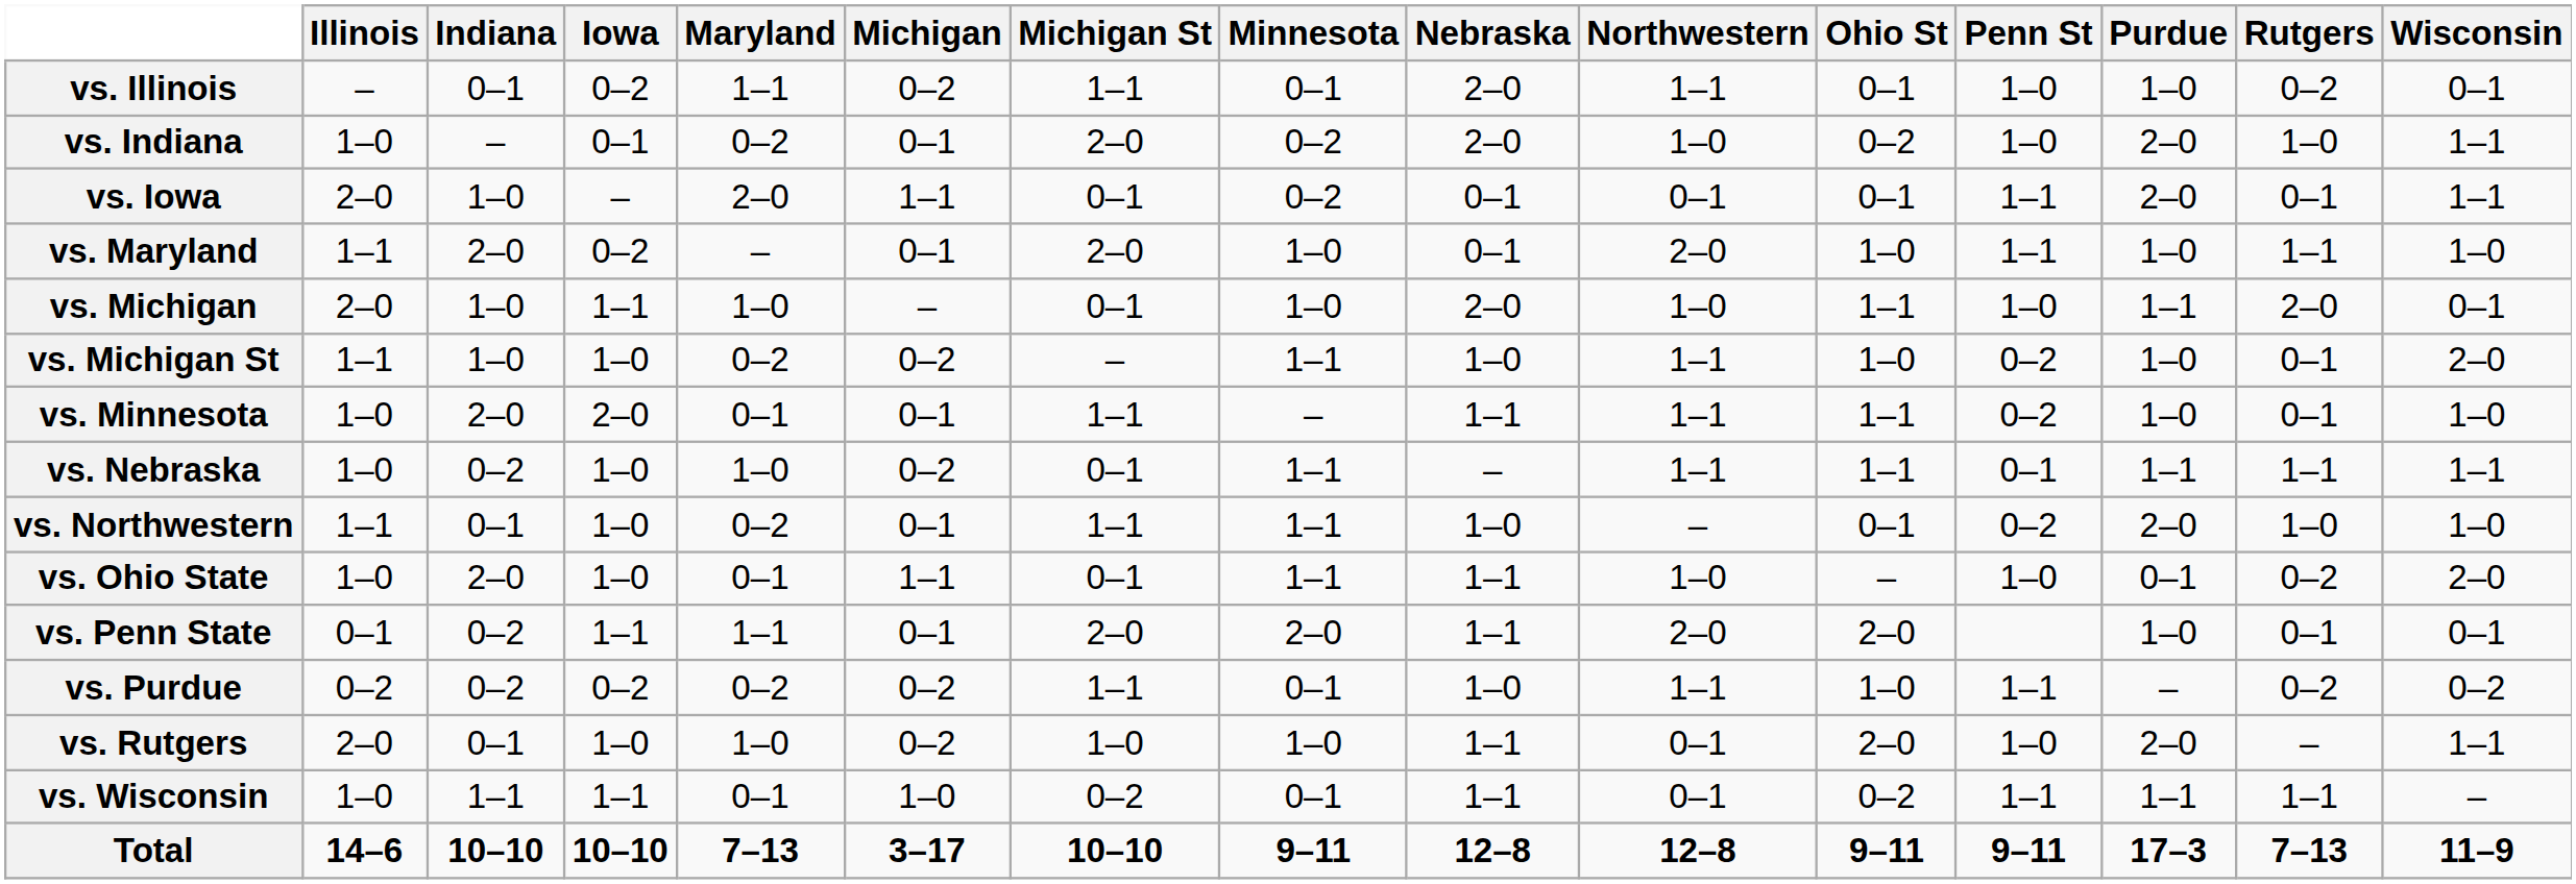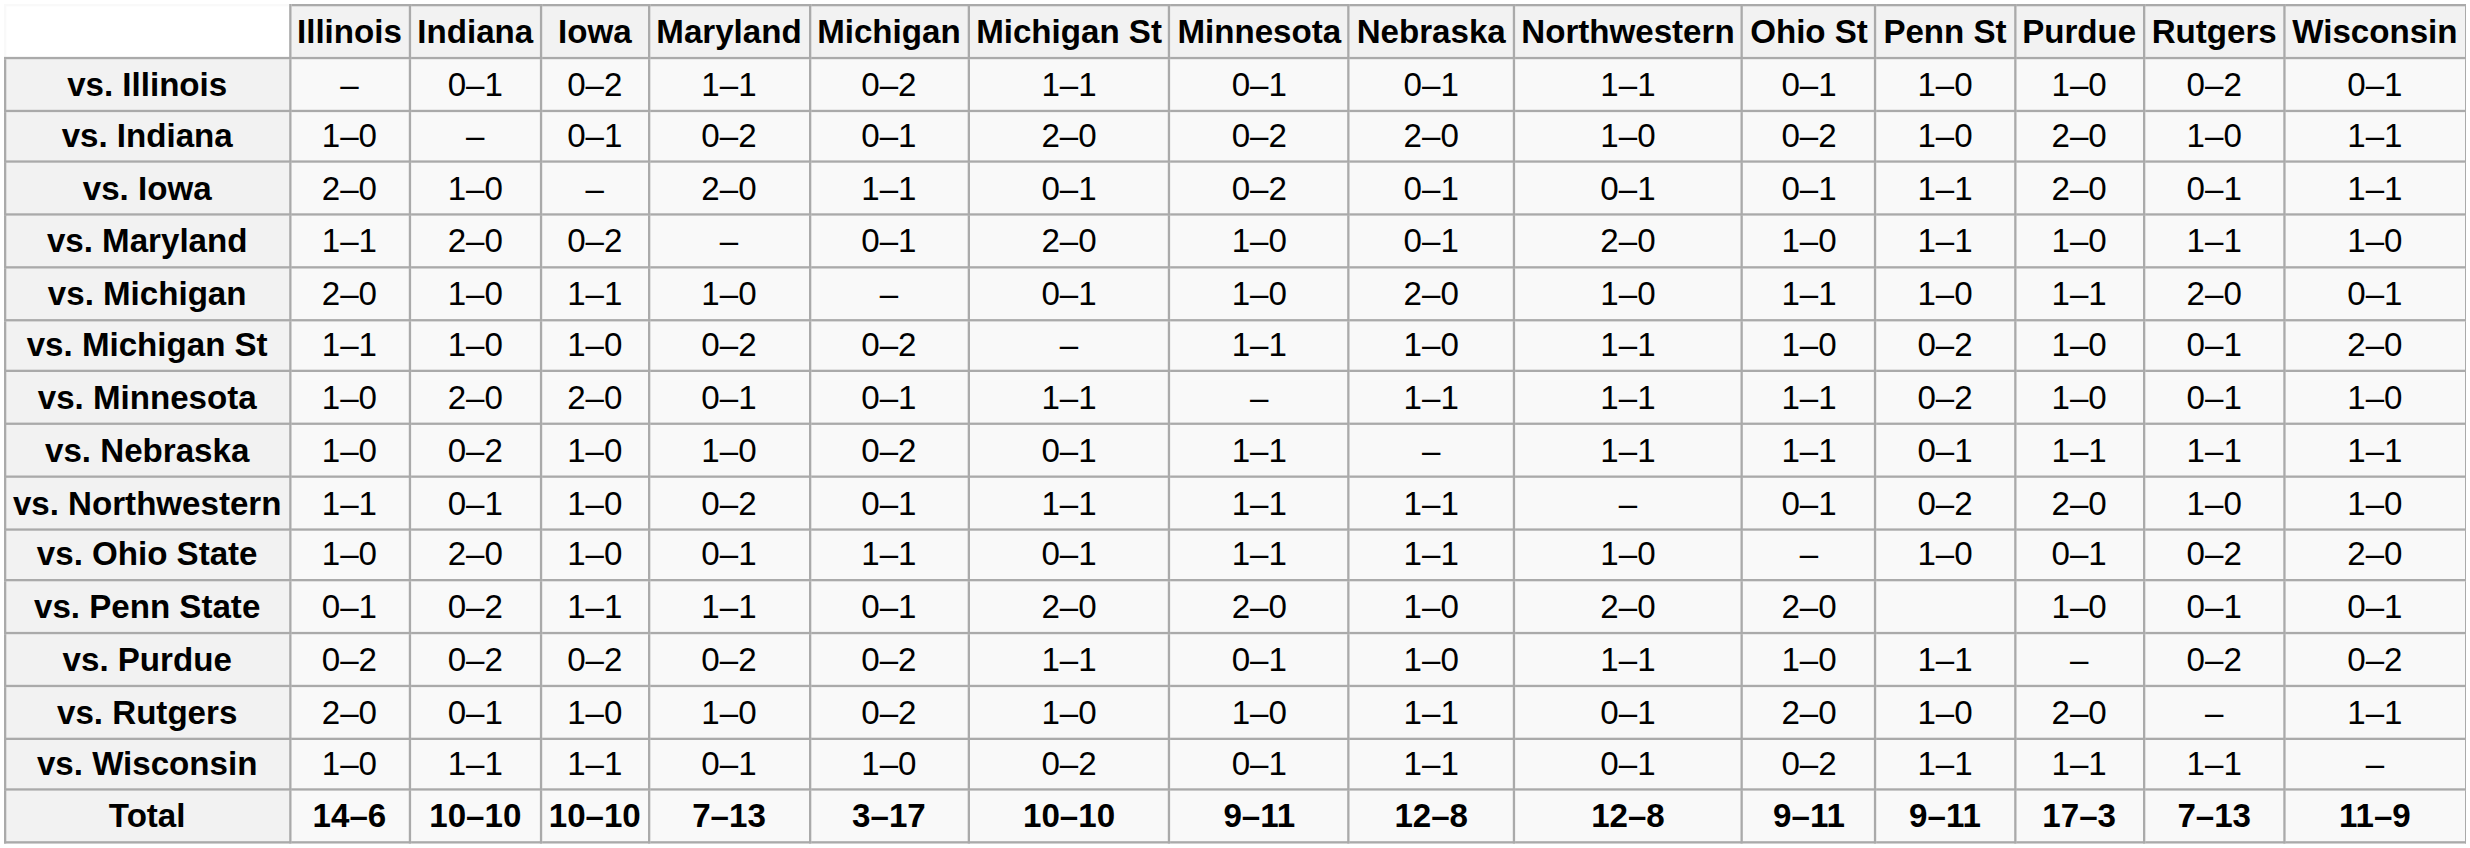 <table class="wikitable" style="white-space:nowrap; font-size:90%; text-align:center;">
 <tr>
 <td style="background:white; border-top-style:hidden; border-left-style:hidden;"></td>
 <th style="background:#">Illinois</th>
 <th style=>Indiana</th>
 <th style=>Iowa</th>
 <th style=>Maryland</th>
 <th style=>Michigan</th>
 <th style=>Michigan St</th>
 <th style=>Minnesota</th>
 <th style=>Nebraska</th>
 <th style=>Northwestern</th>
 <th style=>Ohio St</th>
 <th style=>Penn St</th>
 <th style=>Purdue</th>
 <th style=>Rutgers</th>
 <th style=>Wisconsin</th>
 </tr>
 <tr>
 <th>vs. Illinois</th>
 <td>–</td>
 <td>0–1</td>
 <td>0–2</td>
 <td>1–1</td>
 <td>0–2</td>
 <td>1–1</td>
 <td>0–1</td>
-<td>2–0</td>
+<td>0–1</td>
 <td>1–1</td>
 <td>0–1</td>
 <td>1–0</td>
 <td>1–0</td>
 <td>0–2</td>
 <td>0–1</td>
 </tr>
 <tr>
 <th>vs. Indiana</th>
 <td>1–0</td>
 <td>–</td>
 <td>0–1</td>
 <td>0–2</td>
 <td>0–1</td>
 <td>2–0</td>
 <td>0–2</td>
 <td>2–0</td>
 <td>1–0</td>
 <td>0–2</td>
 <td>1–0</td>
 <td>2–0</td>
 <td>1–0</td>
 <td>1–1</td>
 </tr>
 <tr>
 <th>vs. Iowa</th>
 <td>2–0</td>
 <td>1–0</td>
 <td>–</td>
 <td>2–0</td>
 <td>1–1</td>
 <td>0–1</td>
 <td>0–2</td>
 <td>0–1</td>
 <td>0–1</td>
 <td>0–1</td>
 <td>1–1</td>
 <td>2–0</td>
 <td>0–1</td>
 <td>1–1</td>
 </tr>
 <tr>
 <th>vs. Maryland</th>
 <td>1–1</td>
 <td>2–0</td>
 <td>0–2</td>
 <td>–</td>
 <td>0–1</td>
 <td>2–0</td>
 <td>1–0</td>
 <td>0–1</td>
 <td>2–0</td>
 <td>1–0</td>
 <td>1–1</td>
 <td>1–0</td>
 <td>1–1</td>
 <td>1–0</td>
 </tr>
 <tr>
 <th>vs. Michigan</th>
 <td>2–0</td>
 <td>1–0</td>
 <td>1–1</td>
 <td>1–0</td>
 <td>–</td>
 <td>0–1</td>
 <td>1–0</td>
 <td>2–0</td>
 <td>1–0</td>
 <td>1–1</td>
 <td>1–0</td>
 <td>1–1</td>
 <td>2–0</td>
 <td>0–1</td>
 </tr>
 <tr>
 <th>vs. Michigan St</th>
 <td>1–1</td>
 <td>1–0</td>
 <td>1–0</td>
 <td>0–2</td>
 <td>0–2</td>
 <td>–</td>
 <td>1–1</td>
 <td>1–0</td>
 <td>1–1</td>
 <td>1–0</td>
 <td>0–2</td>
 <td>1–0</td>
 <td>0–1</td>
 <td>2–0</td>
 </tr>
 <tr>
 <th>vs. Minnesota</th>
 <td>1–0</td>
 <td>2–0</td>
 <td>2–0</td>
 <td>0–1</td>
 <td>0–1</td>
 <td>1–1</td>
 <td>–</td>
 <td>1–1</td>
 <td>1–1</td>
 <td>1–1</td>
 <td>0–2</td>
 <td>1–0</td>
 <td>0–1</td>
 <td>1–0</td>
 </tr>
 <tr>
 <th>vs. Nebraska</th>
 <td>1–0</td>
 <td>0–2</td>
 <td>1–0</td>
 <td>1–0</td>
 <td>0–2</td>
 <td>0–1</td>
 <td>1–1</td>
 <td>–</td>
 <td>1–1</td>
 <td>1–1</td>
 <td>0–1</td>
 <td>1–1</td>
 <td>1–1</td>
 <td>1–1</td>
 </tr>
 <tr>
 <th>vs. Northwestern</th>
 <td>1–1</td>
 <td>0–1</td>
 <td>1–0</td>
 <td>0–2</td>
 <td>0–1</td>
 <td>1–1</td>
 <td>1–1</td>
-<td>1–0</td>
+<td>1–1</td>
 <td>–</td>
 <td>0–1</td>
 <td>0–2</td>
 <td>2–0</td>
 <td>1–0</td>
 <td>1–0</td>
 </tr>
 <tr>
 <th>vs. Ohio State</th>
 <td>1–0</td>
 <td>2–0</td>
 <td>1–0</td>
 <td>0–1</td>
 <td>1–1</td>
 <td>0–1</td>
 <td>1–1</td>
 <td>1–1</td>
 <td>1–0</td>
 <td>–</td>
 <td>1–0</td>
 <td>0–1</td>
 <td>0–2</td>
 <td>2–0</td>
 </tr>
 <tr>
 <th>vs. Penn State</th>
 <td>0–1</td>
 <td>0–2</td>
 <td>1–1</td>
 <td>1–1</td>
 <td>0–1</td>
 <td>2–0</td>
 <td>2–0</td>
-<td>1–1</td>
+<td>1–0</td>
 <td>2–0</td>
 <td>2–0</td>
 <td></td>
 <td>1–0</td>
 <td>0–1</td>
 <td>0–1</td>
 </tr>
 <tr>
 <th>vs. Purdue</th>
 <td>0–2</td>
 <td>0–2</td>
 <td>0–2</td>
 <td>0–2</td>
 <td>0–2</td>
 <td>1–1</td>
 <td>0–1</td>
 <td>1–0</td>
 <td>1–1</td>
 <td>1–0</td>
 <td>1–1</td>
 <td>–</td>
 <td>0–2</td>
 <td>0–2</td>
 </tr>
 <tr>
 <th>vs. Rutgers</th>
 <td>2–0</td>
 <td>0–1</td>
 <td>1–0</td>
 <td>1–0</td>
 <td>0–2</td>
 <td>1–0</td>
 <td>1–0</td>
 <td>1–1</td>
 <td>0–1</td>
 <td>2–0</td>
 <td>1–0</td>
 <td>2–0</td>
 <td>–</td>
 <td>1–1</td>
 </tr>
 <tr>
 <th>vs. Wisconsin</th>
 <td>1–0</td>
 <td>1–1</td>
 <td>1–1</td>
 <td>0–1</td>
 <td>1–0</td>
 <td>0–2</td>
 <td>0–1</td>
 <td>1–1</td>
 <td>0–1</td>
 <td>0–2</td>
 <td>1–1</td>
 <td>1–1</td>
 <td>1–1</td>
 <td>–</td>
 </tr>
 <tr>
 <th>Total</th>
 <td><strong>14–6</strong></td>
 <td><strong>10–10</strong></td>
 <td><strong>10–10</strong></td>
 <td><strong>7–13</strong></td>
 <td><strong>3–17</strong></td>
 <td><strong>10–10</strong></td>
 <td><strong>9–11</strong></td>
 <td><strong>12–8</strong></td>
 <td><strong>12–8</strong></td>
 <td><strong>9–11</strong></td>
 <td><strong>9–11</strong></td>
 <td><strong>17–3</strong></td>
 <td><strong>7–13</strong></td>
 <td><strong>11–9</strong></td>
 </tr>
 </table>
